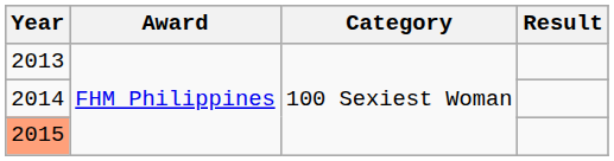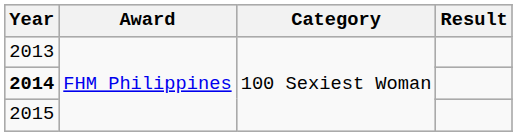 <table class="wikitable" style="font-size: 90%;">
 <tr>
 <th>Year</th>
 <th>Award</th>
 <th>Category</th>
 <th>Result</th>
 </tr>
 <tr>
 <td>2013</td>
 <td rowspan="3"><a href='#'>FHM Philippines</a></td>
 <td rowspan="3">100 Sexiest Woman</td>
 <td></td>
 </tr>
 <tr>
-<td>2014</td>
+<td><strong>2014</strong></td>
 <td></td>
 </tr>
 <tr>
-<td style="background: lightsalmon;">2015</td>
+<td>2015</td>
 <td></td>
 </tr>
 </table>
